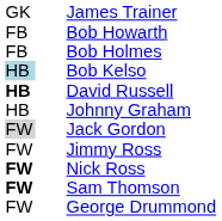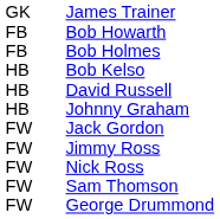 <table style="font-size: 90%" cellspacing="0" cellpadding="0" align="center">
 <tr>
 <td colspan="4"></td>
 </tr>
 <tr>
 <th width=25></th>
 <th width=25></th>
 </tr>
 <tr>
 <td>GK</td>
 <td></td>
 <td> <a href='#'>James Trainer</a></td>
 </tr>
 <tr>
 <td>FB</td>
 <td></td>
 <td> <a href='#'>Bob Howarth</a></td>
 </tr>
 <tr>
 <td>FB</td>
 <td></td>
 <td> <a href='#'>Bob Holmes</a></td>
 </tr>
 <tr>
-<td style="background: lightblue;">HB</td>
+<td>HB</td>
 <td></td>
 <td> <a href='#'>Bob Kelso</a></td>
 </tr>
 <tr>
-<td><strong>HB</strong></td>
+<td>HB</td>
 <td></td>
 <td> <a href='#'>David Russell</a></td>
 </tr>
 <tr>
 <td>HB</td>
 <td></td>
 <td> <a href='#'>Johnny Graham</a></td>
 </tr>
 <tr>
-<td style="background: lightgrey;">FW</td>
+<td>FW</td>
 <td></td>
 <td> <a href='#'>Jack Gordon</a></td>
 </tr>
 <tr>
 <td>FW</td>
 <td></td>
 <td> <a href='#'>Jimmy Ross</a></td>
 </tr>
 <tr>
-<td><strong>FW</strong></td>
+<td>FW</td>
 <td></td>
 <td> <a href='#'>Nick Ross</a></td>
 </tr>
 <tr>
-<td><strong>FW</strong></td>
+<td>FW</td>
 <td></td>
 <td> <a href='#'>Sam Thomson</a></td>
 </tr>
 <tr>
 <td>FW</td>
 <td></td>
 <td> <a href='#'>George Drummond</a></td>
 </tr>
 <tr>
 </tr>
 </table>
